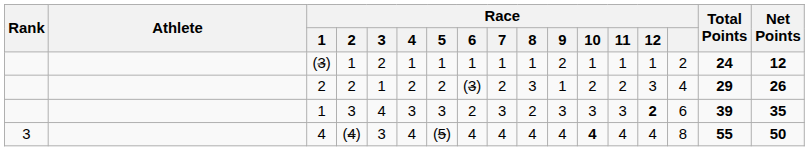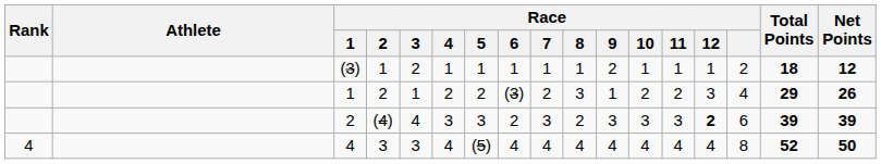 <table | class="wikitable" style="text-align:center">
 <tr>
 <th rowspan="2" width=40>Rank</th>
 <th rowspan="2" width=270>Athlete</th>
 <th colspan="13">Race</th>
 <th rowspan="2" width=50>Total Points</th>
 <th rowspan="2" width=50>Net Points</th>
 </tr>
 <tr>
 <th width=25>1</th>
 <th width=25>2</th>
 <th width=25>3</th>
 <th width=25>4</th>
 <th width=25>5</th>
 <th width=25>6</th>
 <th width=25>7</th>
 <th width=25>8</th>
 <th width=25>9</th>
 <th width=25>10</th>
 <th width=25>11</th>
 <th width=25>12</th>
 <th width=25></th>
 </tr>
 <tr>
 <td></td>
 <td align="left"></td>
 <td>(<s>3</s>)</td>
 <td>1</td>
 <td>2</td>
 <td>1</td>
 <td>1</td>
 <td>1</td>
 <td>1</td>
 <td>1</td>
 <td>2</td>
 <td>1</td>
 <td>1</td>
 <td>1</td>
 <td>2</td>
-<td><strong>24</strong></td>
+<td><strong>18</strong></td>
 <td><strong>12</strong></td>
 </tr>
 <tr>
 <td></td>
 <td align="left"></td>
-<td>2</td>
+<td>1</td>
 <td>2</td>
 <td>1</td>
 <td>2</td>
 <td>2</td>
 <td>(<s>3</s>)</td>
 <td>2</td>
 <td>3</td>
 <td>1</td>
 <td>2</td>
 <td>2</td>
 <td>3</td>
 <td>4</td>
 <td><strong>29</strong></td>
 <td><strong>26</strong></td>
 </tr>
 <tr>
 <td></td>
 <td align="left"></td>
-<td>1</td>
-<td>3</td>
+<td>2</td>
+<td>(<s>4</s>)</td>
 <td>4</td>
 <td>3</td>
 <td>3</td>
 <td>2</td>
 <td>3</td>
 <td>2</td>
 <td>3</td>
 <td>3</td>
 <td>3</td>
 <td><strong>2</strong></td>
 <td>6</td>
 <td><strong>39</strong></td>
-<td><strong>35</strong></td>
+<td><strong>39</strong></td>
 </tr>
 <tr>
-<td>3</td>
+<td>4</td>
 <td align="left"></td>
 <td>4</td>
-<td>(<s>4</s>)</td>
+<td>3</td>
 <td>3</td>
 <td>4</td>
 <td>(<s>5</s>)<br></td>
 <td>4</td>
 <td>4</td>
 <td>4</td>
 <td>4</td>
-<td><strong>4</strong></td>
+<td>4</td>
 <td>4</td>
 <td>4</td>
 <td>8</td>
-<td><strong>55</strong></td>
+<td><strong>52</strong></td>
 <td><strong>50</strong></td>
 </tr>
 </table>
